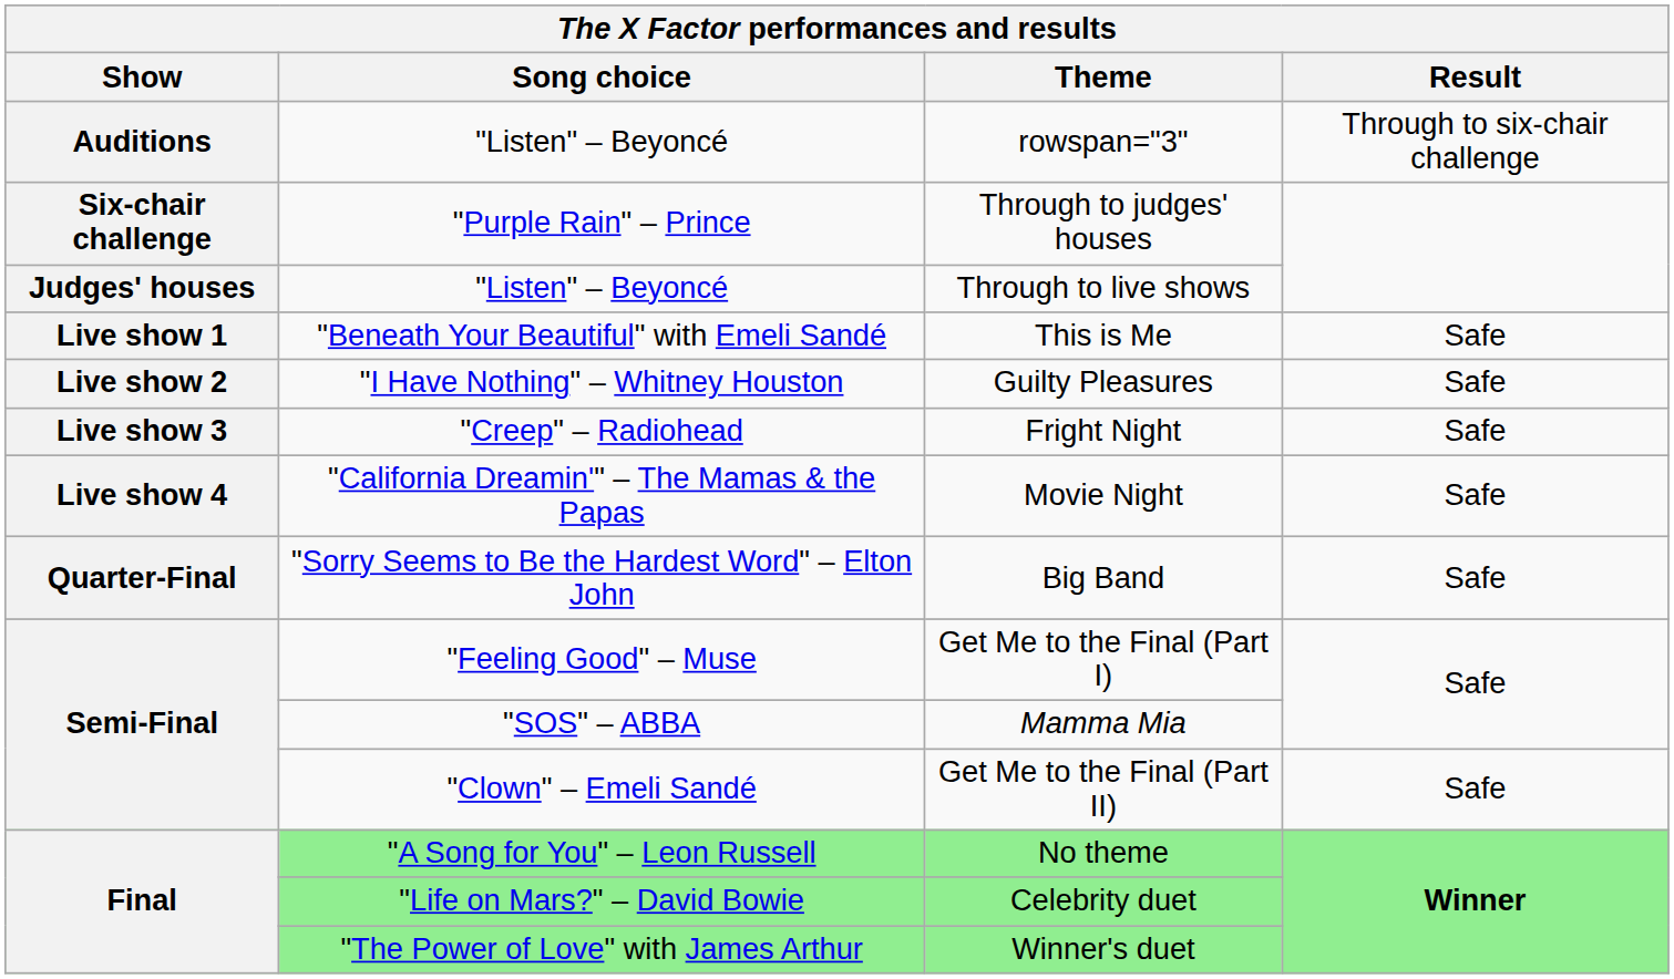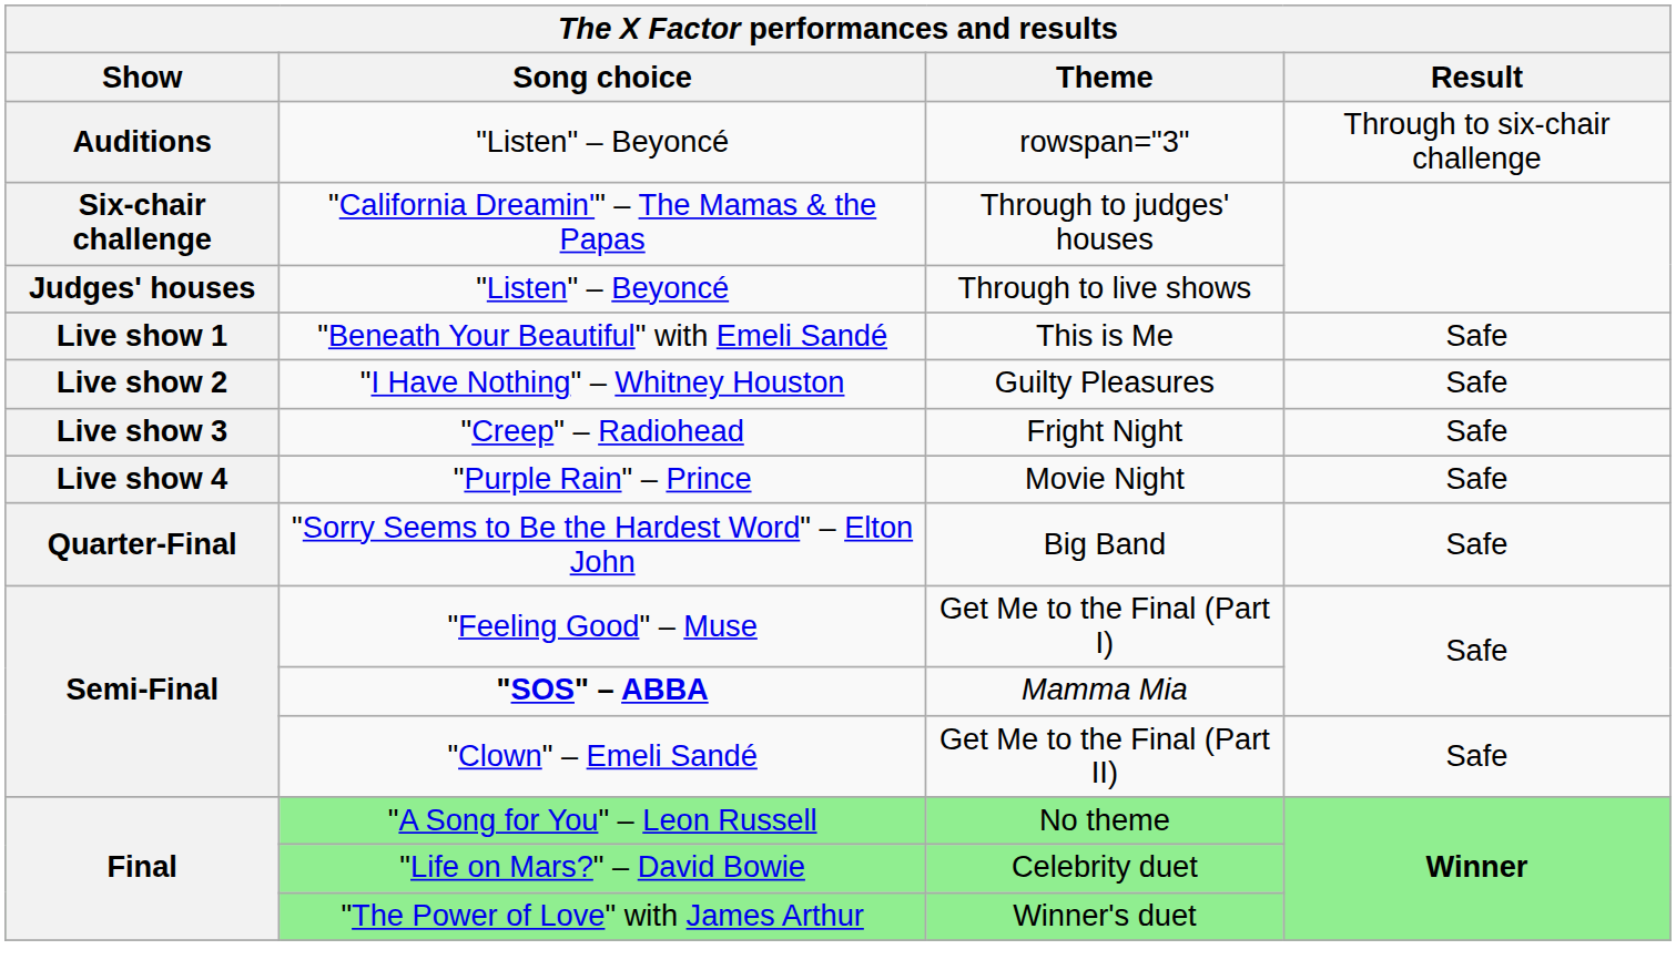 <table class="wikitable collapsible" style="margin:1em auto 1em auto; text-align:center;">
 <tr>
 <th colspan="4"><em>The X Factor</em> performances and results</th>
 </tr>
 <tr>
 <th style="text-align:centre;">Show</th>
 <th style="text-align:centre;">Song choice</th>
 <th style="text-align:centre;">Theme</th>
 <th style="text-align:centre;">Result</th>
 </tr>
 <tr>
 <th>Auditions</th>
 <td>"Listen" – Beyoncé</td>
 <td>rowspan="3" </td>
 <td>Through to six-chair challenge</td>
 </tr>
 <tr>
 <th>Six-chair challenge</th>
-<td>"<a href='#'>Purple Rain</a>" – <a href='#'>Prince</a></td>
+<td>"<a href='#'>California Dreamin'</a>" – <a href='#'>The Mamas & the Papas</a></td>
 <td>Through to judges' houses</td>
 </tr>
 <tr>
 <th>Judges' houses</th>
 <td>"<a href='#'>Listen</a>" – <a href='#'>Beyoncé</a></td>
 <td>Through to live shows</td>
 </tr>
 <tr>
 <th>Live show 1</th>
 <td>"<a href='#'>Beneath Your Beautiful</a>" with <a href='#'>Emeli Sandé</a></td>
 <td>This is Me</td>
 <td>Safe</td>
 </tr>
 <tr>
 <th>Live show 2</th>
 <td>"<a href='#'>I Have Nothing</a>" – <a href='#'>Whitney Houston</a></td>
 <td>Guilty Pleasures</td>
 <td>Safe</td>
 </tr>
 <tr>
 <th>Live show 3</th>
 <td>"<a href='#'>Creep</a>" – <a href='#'>Radiohead</a></td>
 <td>Fright Night</td>
 <td>Safe</td>
 </tr>
 <tr>
 <th>Live show 4</th>
-<td>"<a href='#'>California Dreamin'</a>" – <a href='#'>The Mamas & the Papas</a></td>
+<td>"<a href='#'>Purple Rain</a>" – <a href='#'>Prince</a></td>
 <td>Movie Night</td>
 <td>Safe</td>
 </tr>
 <tr>
 <th>Quarter-Final</th>
 <td>"<a href='#'>Sorry Seems to Be the Hardest Word</a>" – <a href='#'>Elton John</a></td>
 <td>Big Band</td>
 <td>Safe</td>
 </tr>
 <tr>
 <th rowspan="3">Semi-Final</th>
 <td>"<a href='#'>Feeling Good</a>" – <a href='#'>Muse</a></td>
 <td>Get Me to the Final (Part I)</td>
 <td rowspan="2">Safe</td>
 </tr>
 <tr>
-<td>"<a href='#'>SOS</a>" – <a href='#'>ABBA</a></td>
+<td><strong>"<a href='#'>SOS</a>" – <a href='#'>ABBA</a></strong></td>
 <td><em>Mamma Mia</em></td>
 </tr>
 <tr>
 <td>"<a href='#'>Clown</a>" – <a href='#'>Emeli Sandé</a></td>
 <td>Get Me to the Final (Part II)</td>
 <td>Safe</td>
 </tr>
 <tr style="background:lightgreen;">
 <th rowspan="3">Final</th>
 <td>"<a href='#'>A Song for You</a>" – <a href='#'>Leon Russell</a></td>
 <td>No theme</td>
 <td rowspan="3"><strong>Winner</strong></td>
 </tr>
 <tr style="background:lightgreen;">
 <td>"<a href='#'>Life on Mars?</a>" – <a href='#'>David Bowie</a></td>
 <td>Celebrity duet</td>
 </tr>
 <tr style="background:lightgreen;">
 <td>"<a href='#'>The Power of Love</a>" with <a href='#'>James Arthur</a></td>
 <td>Winner's duet</td>
 </tr>
 </table>
